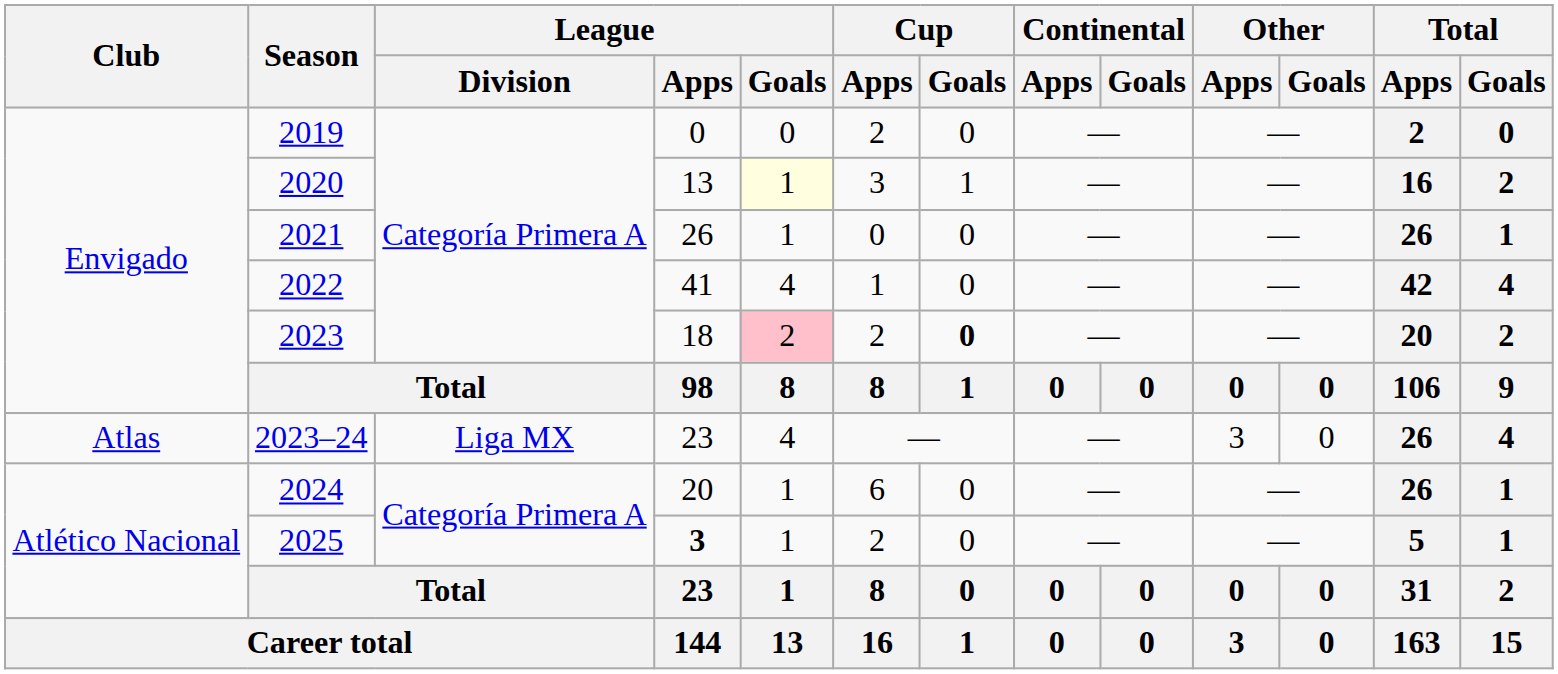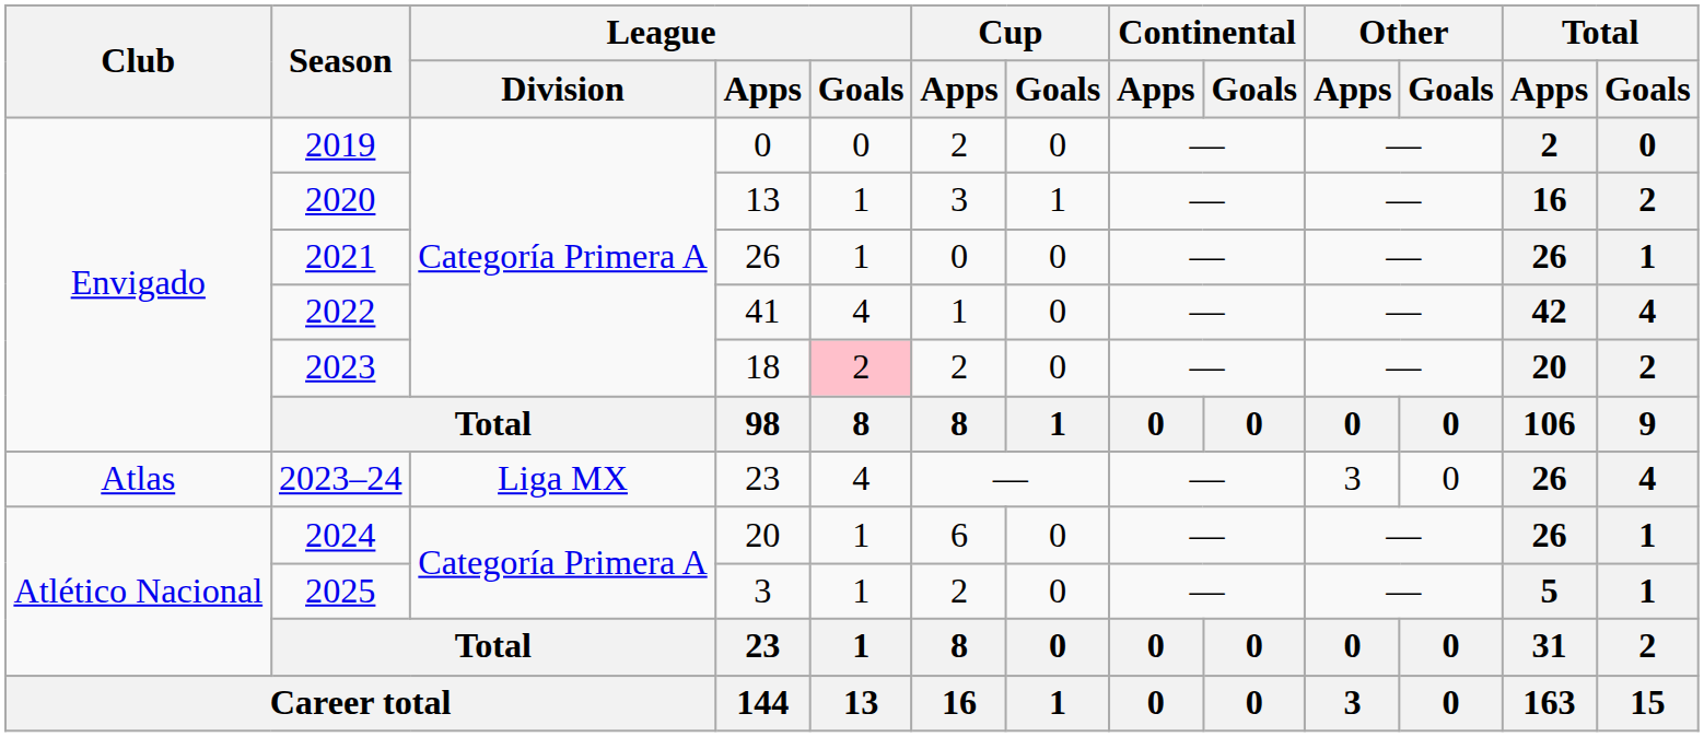 <table class="wikitable center" style="text-align: center">
 <tr>
 <th rowspan="2">Club</th>
 <th rowspan="2">Season</th>
 <th colspan="3">League</th>
 <th colspan="2">Cup</th>
 <th colspan="2">Continental</th>
 <th colspan="2">Other</th>
 <th colspan="2">Total</th>
 </tr>
 <tr>
 <th>Division</th>
 <th>Apps</th>
 <th>Goals</th>
 <th>Apps</th>
 <th>Goals</th>
 <th>Apps</th>
 <th>Goals</th>
 <th>Apps</th>
 <th>Goals</th>
 <th>Apps</th>
 <th>Goals</th>
 </tr>
 <tr>
 <td rowspan=6><a href='#'>Envigado</a></td>
 <td><a href='#'>2019</a></td>
 <td rowspan=5><a href='#'>Categoría Primera A</a></td>
 <td>0</td>
 <td>0</td>
 <td>2</td>
 <td>0</td>
 <td colspan=2>—</td>
 <td colspan=2>—</td>
 <th>2</th>
 <th>0</th>
 </tr>
 <tr>
 <td><a href='#'>2020</a></td>
 <td>13</td>
-<td style="background: lightyellow;">1</td>
+<td>1</td>
 <td>3</td>
 <td>1</td>
 <td colspan=2>—</td>
 <td colspan=2>—</td>
 <th>16</th>
 <th>2</th>
 </tr>
 <tr>
 <td><a href='#'>2021</a></td>
 <td>26</td>
 <td>1</td>
 <td>0</td>
 <td>0</td>
 <td colspan=2>—</td>
 <td colspan="2">—</td>
 <th>26</th>
 <th>1</th>
 </tr>
 <tr>
 <td><a href='#'>2022</a></td>
 <td>41</td>
 <td>4</td>
 <td>1</td>
 <td>0</td>
 <td colspan=2>—</td>
 <td colspan="2">—</td>
 <th>42</th>
 <th>4</th>
 </tr>
 <tr>
 <td><a href='#'>2023</a></td>
 <td>18</td>
 <td style="background: pink;">2</td>
 <td>2</td>
-<td><strong>0</strong></td>
+<td>0</td>
 <td colspan=2>—</td>
 <td colspan="2">—</td>
 <th>20</th>
 <th>2</th>
 </tr>
 <tr>
 <th colspan=2>Total</th>
 <th>98</th>
 <th>8</th>
 <th>8</th>
 <th>1</th>
 <th>0</th>
 <th>0</th>
 <th>0</th>
 <th>0</th>
 <th>106</th>
 <th>9</th>
 </tr>
 <tr>
 <td><a href='#'>Atlas</a></td>
 <td><a href='#'>2023–24</a></td>
 <td><a href='#'>Liga MX</a></td>
 <td>23</td>
 <td>4</td>
 <td colspan=2>—</td>
 <td colspan=2>—</td>
 <td>3</td>
 <td>0</td>
 <th>26</th>
 <th>4</th>
 </tr>
 <tr>
 <td rowspan="3"><a href='#'>Atlético Nacional</a></td>
 <td><a href='#'>2024</a></td>
 <td rowspan="2"><a href='#'>Categoría Primera A</a></td>
 <td>20</td>
 <td>1</td>
 <td>6</td>
 <td>0</td>
 <td colspan="2">—</td>
 <td colspan="2">—</td>
 <th>26</th>
 <th>1</th>
 </tr>
 <tr>
 <td><a href='#'>2025</a></td>
-<td><strong>3</strong></td>
+<td>3</td>
 <td>1</td>
 <td>2</td>
 <td>0</td>
 <td colspan="2">—</td>
 <td colspan="2">—</td>
 <th>5</th>
 <th>1</th>
 </tr>
 <tr>
 <th colspan="2">Total</th>
 <th>23</th>
 <th>1</th>
 <th>8</th>
 <th>0</th>
 <th>0</th>
 <th>0</th>
 <th>0</th>
 <th>0</th>
 <th>31</th>
 <th>2</th>
 </tr>
 <tr>
 <th colspan="3">Career total</th>
 <th>144</th>
 <th>13</th>
 <th>16</th>
 <th>1</th>
 <th>0</th>
 <th>0</th>
 <th>3</th>
 <th>0</th>
 <th>163</th>
 <th>15</th>
 </tr>
 </table>
